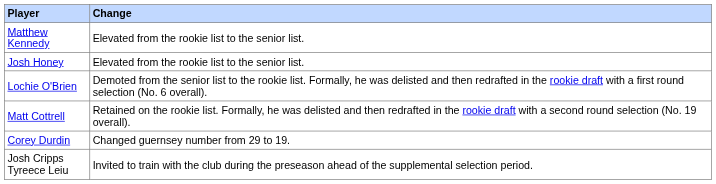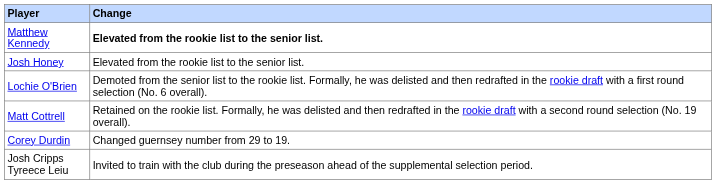 <table border="1" cellpadding="4" cellspacing="0"  style="text-align:left; font-size:95%; border-collapse:collapse; width:80%;">
 <tr style="background:#C1D8FF;">
 <th>Player</th>
 <th>Change</th>
 </tr>
 <tr>
 <td><a href='#'>Matthew Kennedy</a></td>
-<td>Elevated from the rookie list to the senior list.</td>
+<td><strong>Elevated from the rookie list to the senior list.</strong></td>
 </tr>
 <tr>
 <td><a href='#'>Josh Honey</a></td>
 <td>Elevated from the rookie list to the senior list.</td>
 </tr>
 <tr>
 <td><a href='#'>Lochie O'Brien</a></td>
 <td>Demoted from the senior list to the rookie list. Formally, he was delisted and then redrafted in the <a href='#'>rookie draft</a> with a first round selection (No. 6 overall).</td>
 </tr>
 <tr>
 <td><a href='#'>Matt Cottrell</a></td>
 <td>Retained on the rookie list. Formally, he was delisted and then redrafted in the <a href='#'>rookie draft</a> with a second round selection (No. 19 overall).</td>
 </tr>
 <tr>
 <td><a href='#'>Corey Durdin</a></td>
 <td>Changed guernsey number from 29 to 19.</td>
 </tr>
 <tr>
 <td>Josh Cripps<br> Tyreece Leiu</td>
 <td>Invited to train with the club during the preseason ahead of the supplemental selection period.</td>
 </tr>
 </table>
